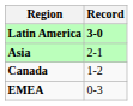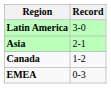 <table class="wikitable">
 <tr>
 <th>Region</th>
 <th>Record</th>
 </tr>
 <tr bgcolor=#bbffbb>
 <td><strong>Latin America</strong></td>
-<td><strong>3-0</strong></td>
+<td>3-0</td>
 </tr>
 <tr bgcolor=#bbffbb>
 <td><strong>Asia</strong></td>
 <td>2-1</td>
 </tr>
 <tr>
 <td><strong>Canada</strong></td>
 <td>1-2</td>
 </tr>
 <tr>
 <td><strong>EMEA</strong></td>
 <td>0-3</td>
 </tr>
 </table>
